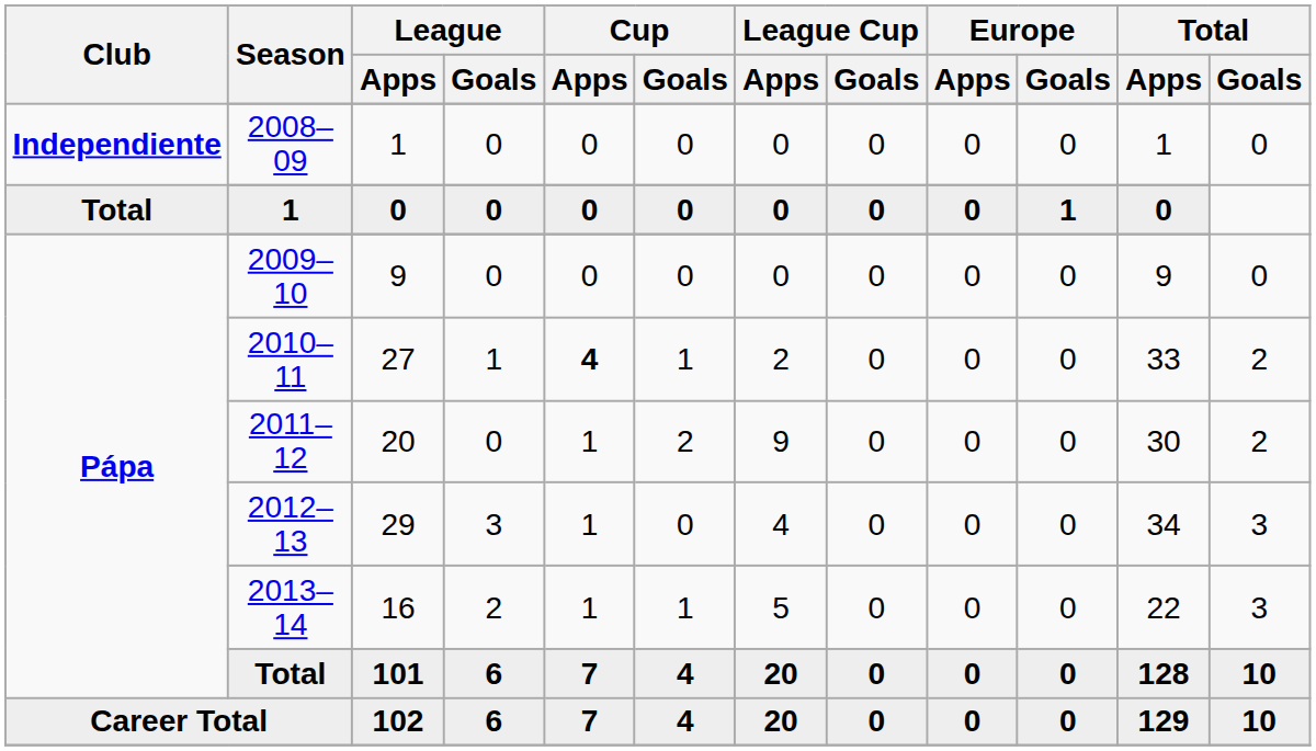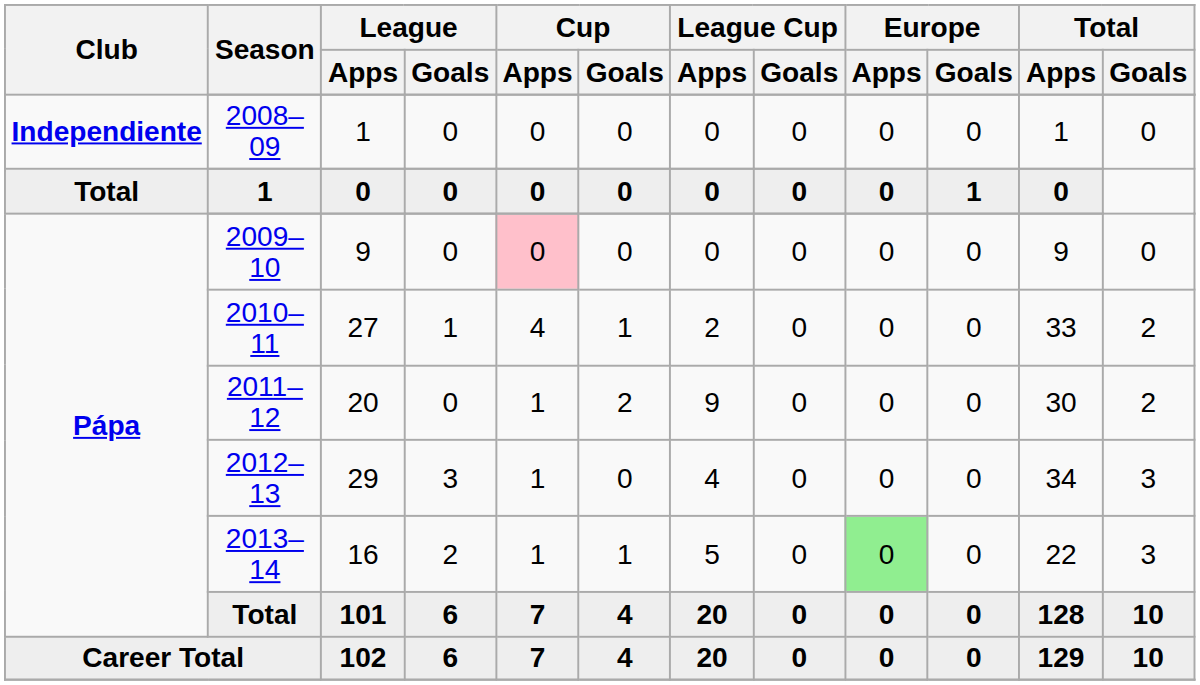 <table class="wikitable" style="font-size:90%; text-align: center;">
 <tr>
 <th rowspan="2">Club</th>
 <th rowspan="2">Season</th>
 <th colspan="2">League</th>
 <th colspan="2">Cup</th>
 <th colspan="2">League Cup</th>
 <th colspan="2">Europe</th>
 <th colspan="2">Total</th>
 </tr>
 <tr>
 <th>Apps</th>
 <th>Goals</th>
 <th>Apps</th>
 <th>Goals</th>
 <th>Apps</th>
 <th>Goals</th>
 <th>Apps</th>
 <th>Goals</th>
 <th>Apps</th>
 <th>Goals</th>
 </tr>
 <tr ||-||-||-|->
 <td rowspan="3" valign="center"><strong><a href='#'>Independiente</a></strong></td>
 </tr>
 <tr>
 <td><a href='#'>2008–09</a></td>
 <td>1</td>
 <td>0</td>
 <td>0</td>
 <td>0</td>
 <td>0</td>
 <td>0</td>
 <td>0</td>
 <td>0</td>
 <td>1</td>
 <td>0</td>
 </tr>
 <tr>
 </tr>
 <tr style="font-weight:bold; background-color:#eeeeee;">
 <td>Total</td>
 <td>1</td>
 <td>0</td>
 <td>0</td>
 <td>0</td>
 <td>0</td>
 <td>0</td>
 <td>0</td>
 <td>0</td>
 <td>1</td>
 <td>0</td>
 </tr>
 <tr>
 <td rowspan="7" valign="center"><strong><a href='#'>Pápa</a></strong></td>
 </tr>
 <tr>
 <td><a href='#'>2009–10</a></td>
 <td>9</td>
 <td>0</td>
-<td>0</td>
+<td style="background: pink;">0</td>
 <td>0</td>
 <td>0</td>
 <td>0</td>
 <td>0</td>
 <td>0</td>
 <td>9</td>
 <td>0</td>
 </tr>
 <tr>
 <td><a href='#'>2010–11</a></td>
 <td>27</td>
 <td>1</td>
-<td><strong>4</strong></td>
+<td>4</td>
 <td>1</td>
 <td>2</td>
 <td>0</td>
 <td>0</td>
 <td>0</td>
 <td>33</td>
 <td>2</td>
 </tr>
 <tr>
 <td><a href='#'>2011–12</a></td>
 <td>20</td>
 <td>0</td>
 <td>1</td>
 <td>2</td>
 <td>9</td>
 <td>0</td>
 <td>0</td>
 <td>0</td>
 <td>30</td>
 <td>2</td>
 </tr>
 <tr>
 <td><a href='#'>2012–13</a></td>
 <td>29</td>
 <td>3</td>
 <td>1</td>
 <td>0</td>
 <td>4</td>
 <td>0</td>
 <td>0</td>
 <td>0</td>
 <td>34</td>
 <td>3</td>
 </tr>
 <tr>
 <td><a href='#'>2013–14</a></td>
 <td>16</td>
 <td>2</td>
 <td>1</td>
 <td>1</td>
 <td>5</td>
 <td>0</td>
-<td>0</td>
+<td style="background: lightgreen;">0</td>
 <td>0</td>
 <td>22</td>
 <td>3</td>
 </tr>
 <tr style="font-weight:bold; background-color:#eeeeee;">
 <td>Total</td>
 <td>101</td>
 <td>6</td>
 <td>7</td>
 <td>4</td>
 <td>20</td>
 <td>0</td>
 <td>0</td>
 <td>0</td>
 <td>128</td>
 <td>10</td>
 </tr>
 <tr style="font-weight:bold; background-color:#eeeeee;">
 <td colspan="2" valign="top"><strong>Career Total</strong></td>
 <td><strong>102</strong></td>
 <td><strong>6</strong></td>
 <td><strong>7</strong></td>
 <td><strong>4</strong></td>
 <td><strong>20</strong></td>
 <td><strong>0</strong></td>
 <td><strong>0</strong></td>
 <td><strong>0</strong></td>
 <td><strong>129</strong></td>
 <td><strong>10</strong></td>
 </tr>
 <tr>
 </tr>
 </table>
